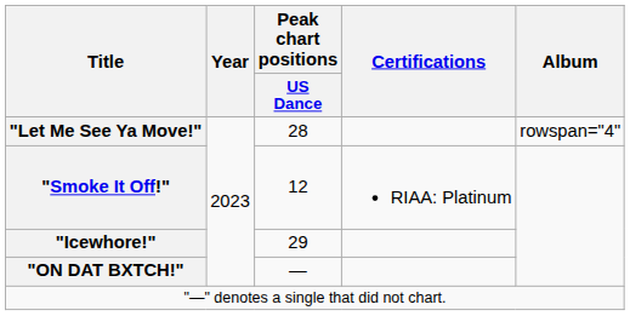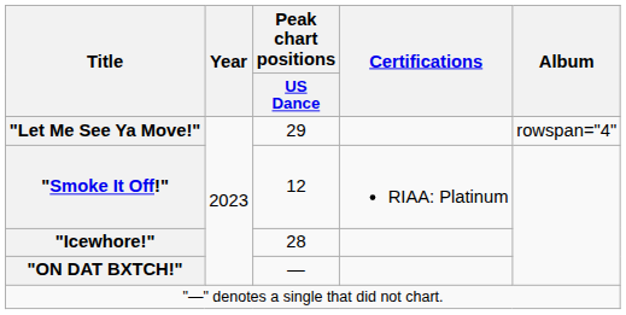 <table class="wikitable plainrowheaders" style="text-align:center;">
 <tr>
 <th scope="col" rowspan="2">Title</th>
 <th scope="col" rowspan="2">Year</th>
 <th scope="col">Peak chart positions</th>
 <th scope="col" rowspan="2"><a href='#'>Certifications</a></th>
 <th scope="col" rowspan="2">Album</th>
 </tr>
 <tr>
 <th scope="col" style="width:2.5em;font-size:90%;"><a href='#'>US<br>Dance</a><br></th>
 </tr>
 <tr>
 <th scope="row">"Let Me See Ya Move!" </th>
 <td rowspan="4">2023</td>
-<td>28</td>
+<td>29</td>
 <td></td>
 <td>rowspan="4" </td>
 </tr>
 <tr>
 <th scope="row">"<a href='#'>Smoke It Off</a>!" </th>
 <td>12</td>
 <td><br><ul><li>RIAA: Platinum</li></ul></td>
 </tr>
 <tr>
 <th scope="row">"Icewhore!"</th>
-<td>29</td>
+<td>28</td>
 <td></td>
 </tr>
 <tr>
 <th scope="row">"ON DAT BXTCH!"</th>
 <td>—</td>
 <td></td>
 </tr>
 <tr>
 <td colspan="5" style="font-size:85%;">"—" denotes a single that did not chart.</td>
 </tr>
 </table>
